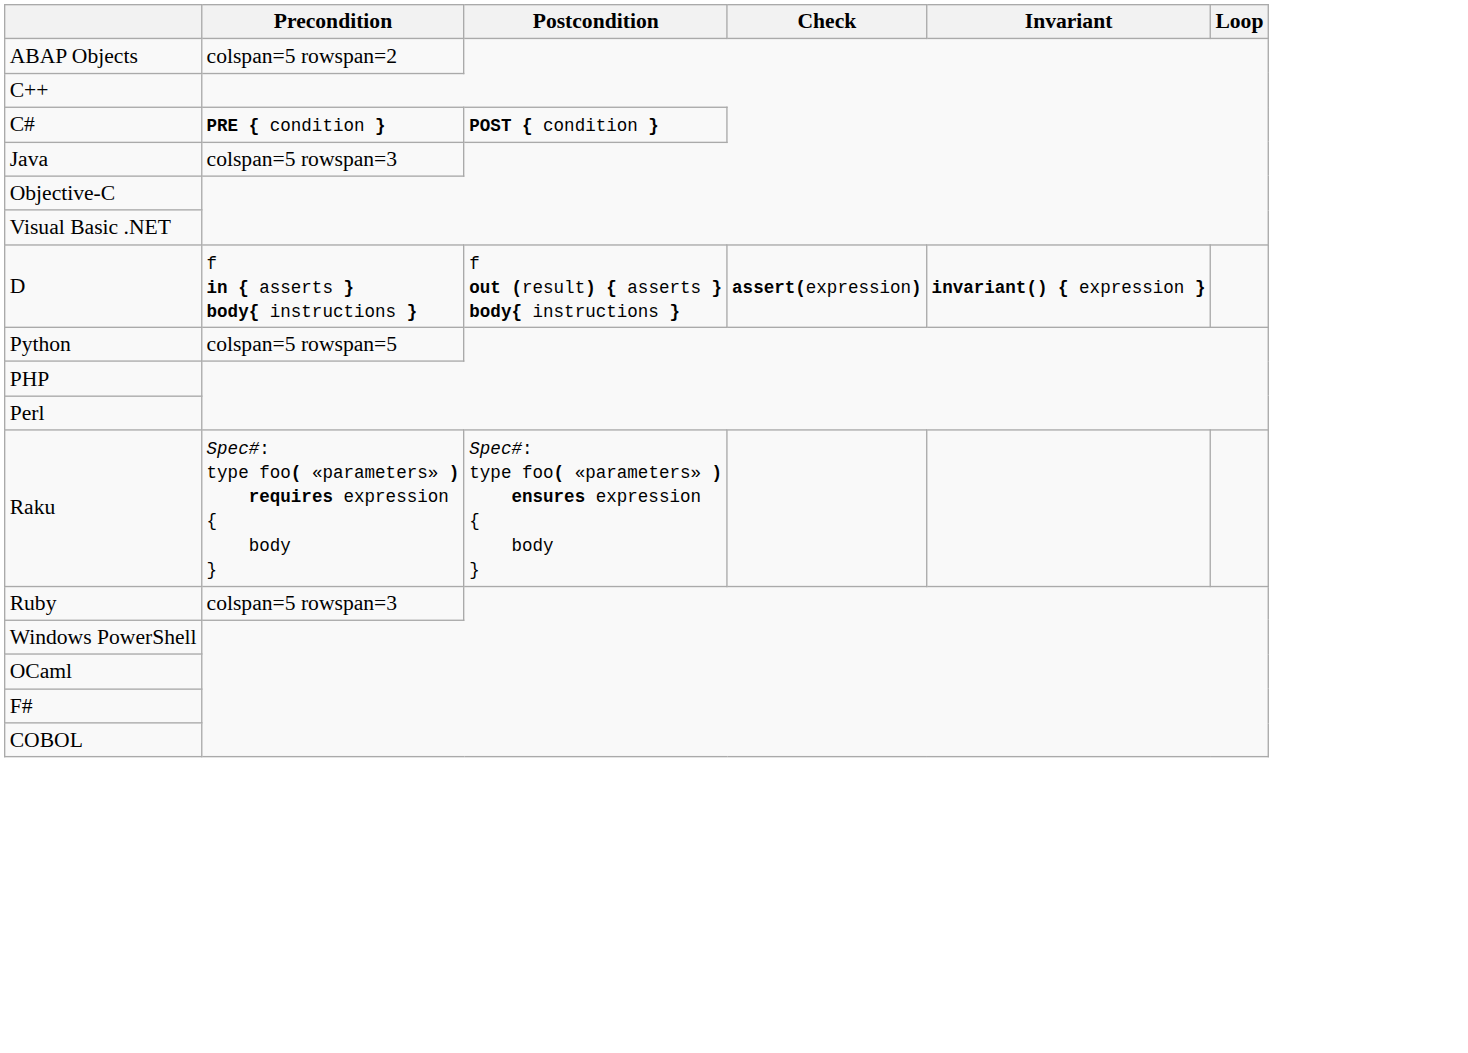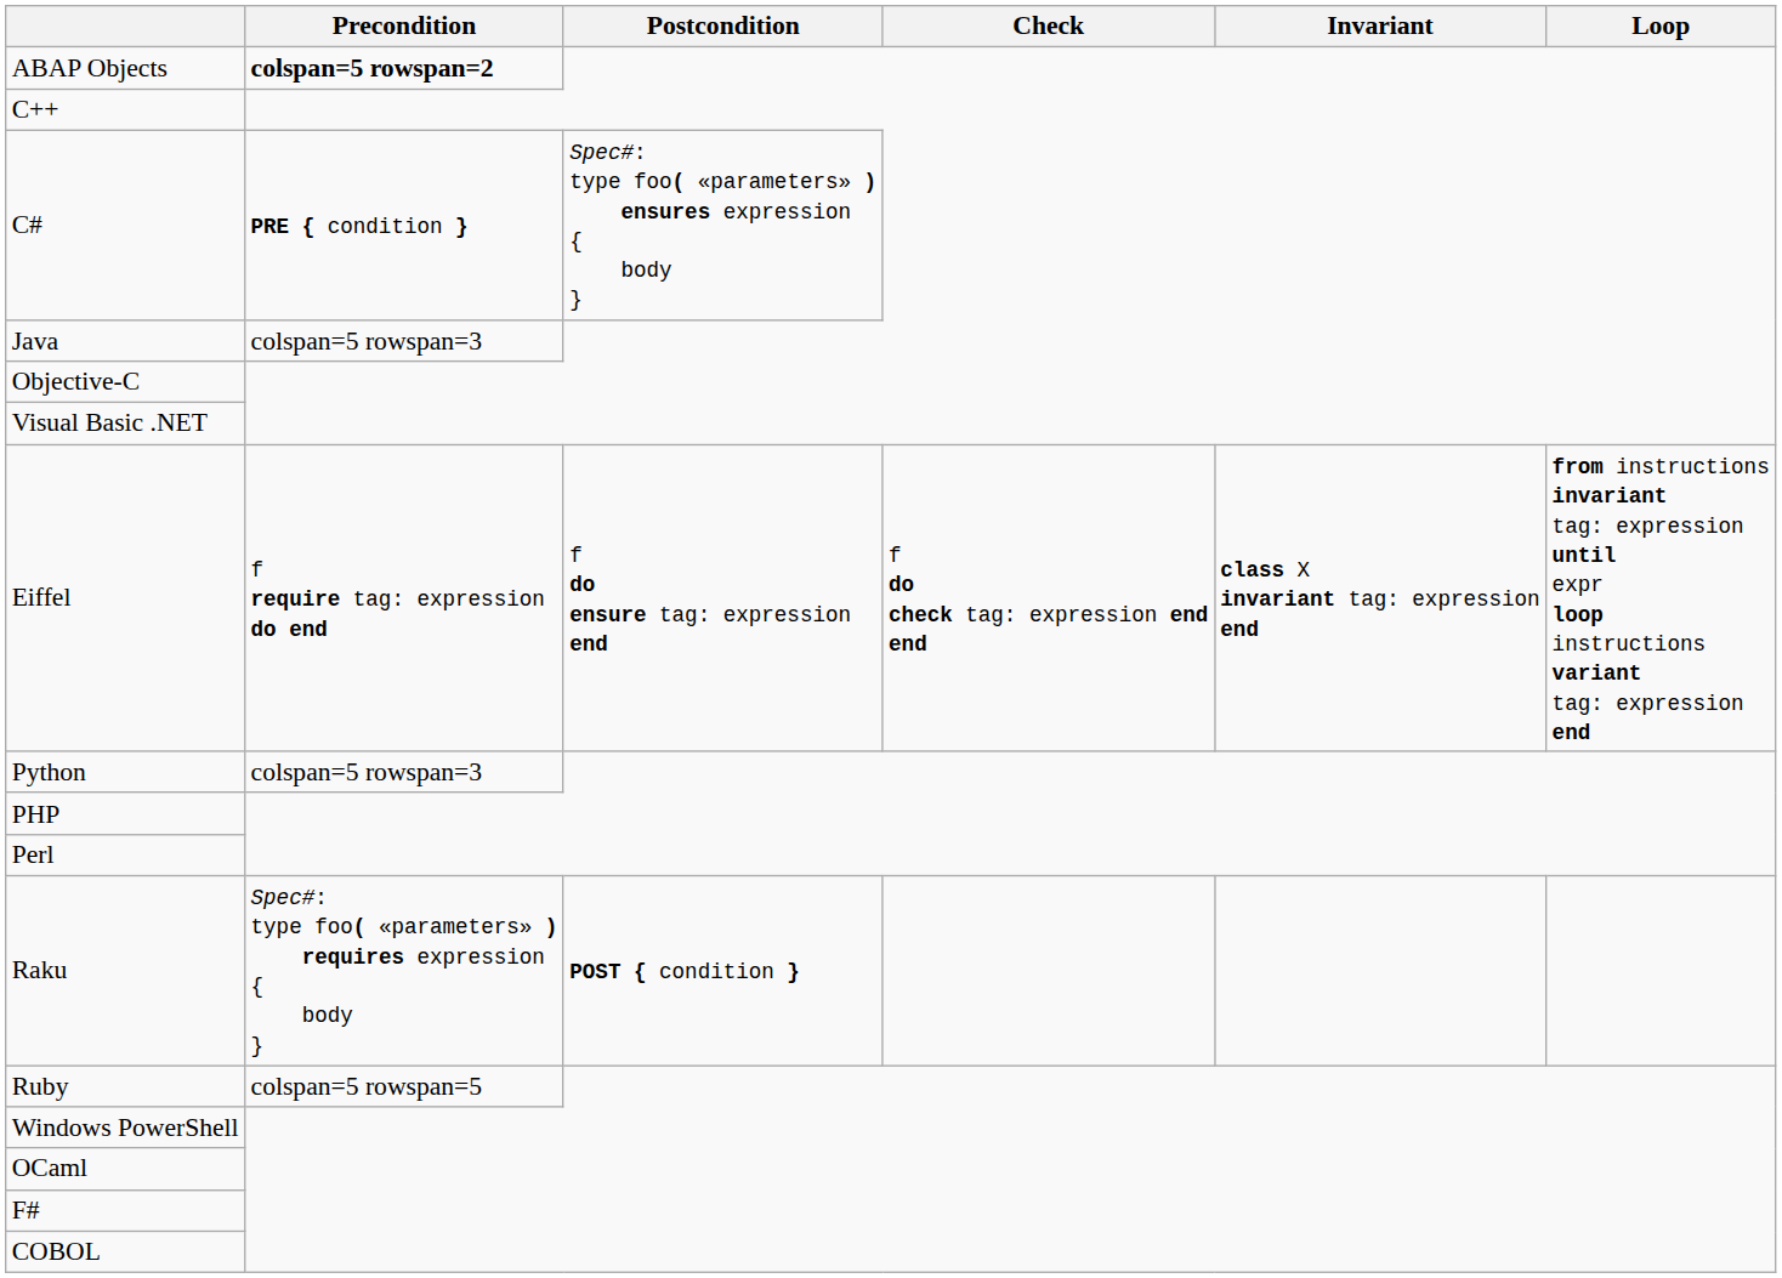 <table class="wikitable">
 <tr>
 <th></th>
 <th>Precondition</th>
 <th>Postcondition</th>
 <th>Check</th>
 <th>Invariant</th>
 <th>Loop</th>
 </tr>
 <tr>
 <td>ABAP Objects</td>
-<td>colspan=5 rowspan=2 </td>
+<td><strong>colspan=5 rowspan=2 </strong></td>
 </tr>
 <tr>
 <td>C++</td>
 </tr>
 <tr>
 <td>C#</td>
 <td><code><strong>PRE {</strong> condition <strong>}</strong></code></td>
-<td><code><strong>POST {</strong> condition <strong>}</strong></code></td>
+<td><code><em>Spec#</em>:<br> type foo<strong>(</strong> «parameters» <strong>)</strong><br>    <strong>ensures</strong> expression <br>{<br>     body <br>}</code></td>
 </tr>
 <tr>
 <td>Java</td>
 <td>colspan=5 rowspan=3 </td>
 </tr>
 <tr>
 <td>Objective-C</td>
 </tr>
 <tr>
 <td>Visual Basic .NET</td>
 </tr>
 <tr>
-<td>D</td>
-<td><code>f <br><strong>in { </strong>asserts<strong> } <br>body{ </strong>instructions<strong> }</strong></code></td>
-<td><code>f <br><strong>out (</strong>result<strong>) { </strong>asserts<strong> } <br>body{ </strong>instructions<strong> }</strong></code></td>
-<td><code><strong>assert(</strong>expression<strong>)</strong></code></td>
-<td><code><strong>invariant() { </strong>expression<strong> }</strong></code></td>
-<td></td>
+<td>Eiffel</td>
+<td><code>f <br><strong>require</strong> tag: expression <br><strong>do end</strong></code></td>
+<td><code>f <br><strong>do <br> ensure</strong> tag: expression <br><strong>end</strong></code></td>
+<td><code>f <br><strong>do</strong> <br> <strong>check</strong> tag: expression <strong>end <br> end</strong></code></td>
+<td><code><strong>class</strong> X <br><strong>invariant</strong> tag: expression <br><strong>end</strong></code></td>
+<td><code><strong>from </strong> instructions <br> <strong>invariant</strong> <br>tag: expression <br> <strong>until</strong> <br> expr <br> <strong>loop</strong> <br> instructions <br><strong>variant</strong> <br> tag: expression <br><strong>end</strong></code></td>
 </tr>
 <tr>
 <td>Python</td>
-<td>colspan=5 rowspan=5 </td>
+<td>colspan=5 rowspan=3 </td>
 </tr>
 <tr>
 <td>PHP</td>
 </tr>
 <tr>
 <td>Perl</td>
 </tr>
 <tr>
 <td>Raku</td>
 <td><code><em>Spec#</em>:<br> type foo<strong>(</strong> «parameters» <strong>)</strong><br>    <strong>requires</strong> expression <br>{<br>     body <br>}</code></td>
-<td><code><em>Spec#</em>:<br> type foo<strong>(</strong> «parameters» <strong>)</strong><br>    <strong>ensures</strong> expression <br>{<br>     body <br>}</code></td>
+<td><code><strong>POST {</strong> condition <strong>}</strong></code></td>
 <td></td>
 <td></td>
 <td></td>
 </tr>
 <tr>
 <td>Ruby</td>
-<td>colspan=5 rowspan=3 </td>
+<td>colspan=5 rowspan=5 </td>
 </tr>
 <tr>
 <td>Windows PowerShell</td>
 </tr>
 <tr>
 <td>OCaml</td>
 </tr>
 <tr>
 <td>F#</td>
 </tr>
 <tr>
 <td>COBOL</td>
 </tr>
 </table>
